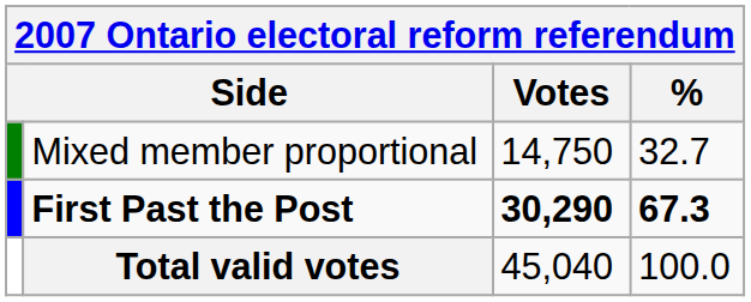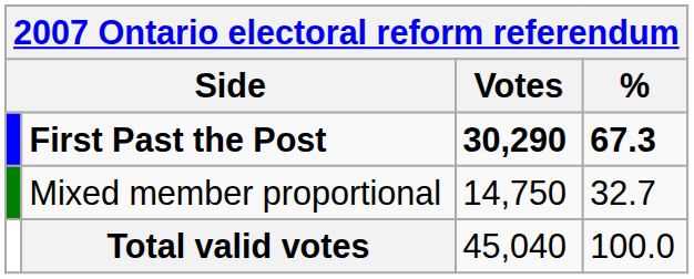 <table class="wikitable" style="font-size: 95%; clear:both">
 <tr style="background-color:#E9E9E9">
 <th colspan=4><a href='#'>2007 Ontario electoral reform referendum</a></th>
 </tr>
 <tr style="background-color:#E9E9E9">
 <th colspan=2 style="width: 130px">Side</th>
 <th style="width: 50px">Votes</th>
 <th style="width: 40px">%</th>
 </tr>
 <tr>
+<td bgcolor="blue"></td>
+<td><strong>First Past the Post</strong></td>
+<td><strong>30,290</strong></td>
+<td><strong>67.3</strong></td>
+</tr>
+<tr>
 <td bgcolor="green"></td>
 <td>Mixed member proportional</td>
 <td>14,750</td>
 <td>32.7</td>
-</tr>
-<tr>
-<td bgcolor="blue"></td>
-<td><strong>First Past the Post</strong></td>
-<td><strong>30,290</strong></td>
-<td><strong>67.3</strong></td>
 </tr>
 <tr>
 <td bgcolor="white"></td>
 <th>Total valid votes</th>
 <td>45,040</td>
 <td>100.0</td>
 </tr>
 </table>
